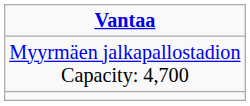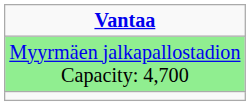 <table class="wikitable" style="text-align:center;">
 <tr>
 <td><strong><a href='#'>Vantaa</a></strong></td>
 </tr>
 <tr>
-<td><a href='#'>Myyrmäen jalkapallostadion</a><br>Capacity: 4,700</td>
+<td style="background: lightgreen;"><a href='#'>Myyrmäen jalkapallostadion</a><br>Capacity: 4,700</td>
 </tr>
 <tr>
 <td></td>
 </tr>
 </table>
